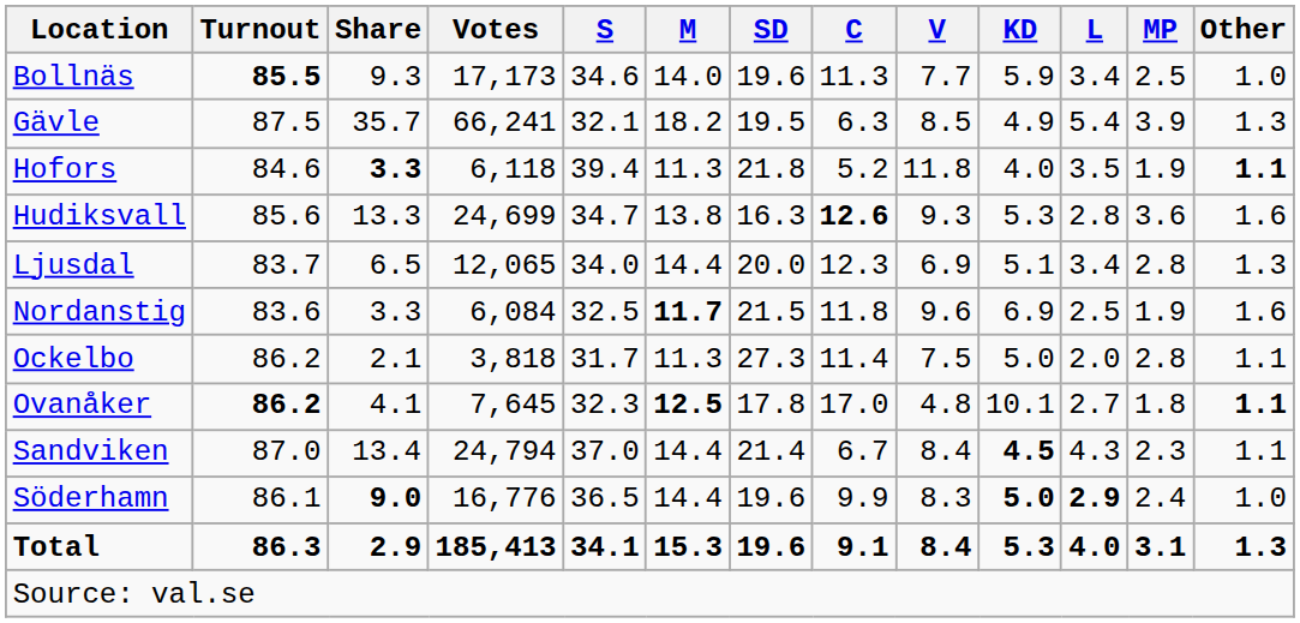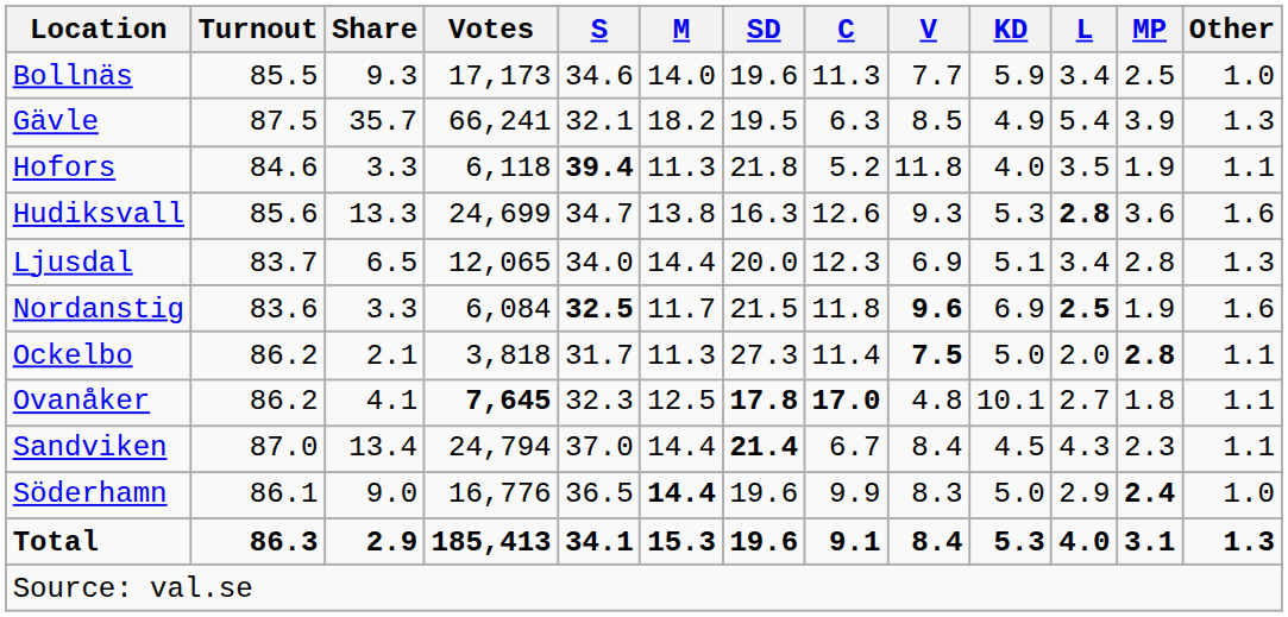 <table class="wikitable sortable" style=text-align:right>
 <tr>
 <th>Location</th>
 <th>Turnout</th>
 <th>Share</th>
 <th>Votes</th>
 <th><a href='#'>S</a></th>
 <th><a href='#'>M</a></th>
 <th><a href='#'>SD</a></th>
 <th><a href='#'>C</a></th>
 <th><a href='#'>V</a></th>
 <th><a href='#'>KD</a></th>
 <th><a href='#'>L</a></th>
 <th><a href='#'>MP</a></th>
 <th>Other</th>
 </tr>
 <tr>
 <td align=left><a href='#'>Bollnäs</a></td>
-<td><strong>85.5</strong></td>
+<td>85.5</td>
 <td>9.3</td>
 <td>17,173</td>
 <td>34.6</td>
 <td>14.0</td>
 <td>19.6</td>
 <td>11.3</td>
 <td>7.7</td>
 <td>5.9</td>
 <td>3.4</td>
 <td>2.5</td>
 <td>1.0</td>
 </tr>
 <tr>
 <td align=left><a href='#'>Gävle</a></td>
 <td>87.5</td>
 <td>35.7</td>
 <td>66,241</td>
 <td>32.1</td>
 <td>18.2</td>
 <td>19.5</td>
 <td>6.3</td>
 <td>8.5</td>
 <td>4.9</td>
 <td>5.4</td>
 <td>3.9</td>
 <td>1.3</td>
 </tr>
 <tr>
 <td align=left><a href='#'>Hofors</a></td>
 <td>84.6</td>
-<td><strong>3.3</strong></td>
+<td>3.3</td>
 <td>6,118</td>
-<td>39.4</td>
+<td><strong>39.4</strong></td>
 <td>11.3</td>
 <td>21.8</td>
 <td>5.2</td>
 <td>11.8</td>
 <td>4.0</td>
 <td>3.5</td>
 <td>1.9</td>
-<td><strong>1.1</strong></td>
+<td>1.1</td>
 </tr>
 <tr>
 <td align=left><a href='#'>Hudiksvall</a></td>
 <td>85.6</td>
 <td>13.3</td>
 <td>24,699</td>
 <td>34.7</td>
 <td>13.8</td>
 <td>16.3</td>
-<td><strong>12.6</strong></td>
+<td>12.6</td>
 <td>9.3</td>
 <td>5.3</td>
-<td>2.8</td>
+<td><strong>2.8</strong></td>
 <td>3.6</td>
 <td>1.6</td>
 </tr>
 <tr>
 <td align=left><a href='#'>Ljusdal</a></td>
 <td>83.7</td>
 <td>6.5</td>
 <td>12,065</td>
 <td>34.0</td>
 <td>14.4</td>
 <td>20.0</td>
 <td>12.3</td>
 <td>6.9</td>
 <td>5.1</td>
 <td>3.4</td>
 <td>2.8</td>
 <td>1.3</td>
 </tr>
 <tr>
 <td align=left><a href='#'>Nordanstig</a></td>
 <td>83.6</td>
 <td>3.3</td>
 <td>6,084</td>
-<td>32.5</td>
-<td><strong>11.7</strong></td>
+<td><strong>32.5</strong></td>
+<td>11.7</td>
 <td>21.5</td>
 <td>11.8</td>
-<td>9.6</td>
+<td><strong>9.6</strong></td>
 <td>6.9</td>
-<td>2.5</td>
+<td><strong>2.5</strong></td>
 <td>1.9</td>
 <td>1.6</td>
 </tr>
 <tr>
 <td align=left><a href='#'>Ockelbo</a></td>
 <td>86.2</td>
 <td>2.1</td>
 <td>3,818</td>
 <td>31.7</td>
 <td>11.3</td>
 <td>27.3</td>
 <td>11.4</td>
-<td>7.5</td>
+<td><strong>7.5</strong></td>
 <td>5.0</td>
 <td>2.0</td>
-<td>2.8</td>
+<td><strong>2.8</strong></td>
 <td>1.1</td>
 </tr>
 <tr>
 <td align=left><a href='#'>Ovanåker</a></td>
-<td><strong>86.2</strong></td>
+<td>86.2</td>
 <td>4.1</td>
-<td>7,645</td>
+<td><strong>7,645</strong></td>
 <td>32.3</td>
-<td><strong>12.5</strong></td>
-<td>17.8</td>
-<td>17.0</td>
+<td>12.5</td>
+<td><strong>17.8</strong></td>
+<td><strong>17.0</strong></td>
 <td>4.8</td>
 <td>10.1</td>
 <td>2.7</td>
 <td>1.8</td>
-<td><strong>1.1</strong></td>
+<td>1.1</td>
 </tr>
 <tr>
 <td align=left><a href='#'>Sandviken</a></td>
 <td>87.0</td>
 <td>13.4</td>
 <td>24,794</td>
 <td>37.0</td>
 <td>14.4</td>
-<td>21.4</td>
+<td><strong>21.4</strong></td>
 <td>6.7</td>
 <td>8.4</td>
-<td><strong>4.5</strong></td>
+<td>4.5</td>
 <td>4.3</td>
 <td>2.3</td>
 <td>1.1</td>
 </tr>
 <tr>
 <td align=left><a href='#'>Söderhamn</a></td>
 <td>86.1</td>
-<td><strong>9.0</strong></td>
+<td>9.0</td>
 <td>16,776</td>
 <td>36.5</td>
-<td>14.4</td>
+<td><strong>14.4</strong></td>
 <td>19.6</td>
 <td>9.9</td>
 <td>8.3</td>
-<td><strong>5.0</strong></td>
-<td><strong>2.9</strong></td>
-<td>2.4</td>
+<td>5.0</td>
+<td>2.9</td>
+<td><strong>2.4</strong></td>
 <td>1.0</td>
 </tr>
 <tr>
 <td align=left><strong>Total</strong></td>
 <td><strong>86.3</strong></td>
 <td><strong>2.9</strong></td>
 <td><strong>185,413</strong></td>
 <td><strong>34.1</strong></td>
 <td><strong>15.3</strong></td>
 <td><strong>19.6</strong></td>
 <td><strong>9.1</strong></td>
 <td><strong>8.4</strong></td>
 <td><strong>5.3</strong></td>
 <td><strong>4.0</strong></td>
 <td><strong>3.1</strong></td>
 <td><strong>1.3</strong></td>
 </tr>
 <tr>
 <td align=left colspan=13>Source: val.se</td>
 </tr>
 </table>
